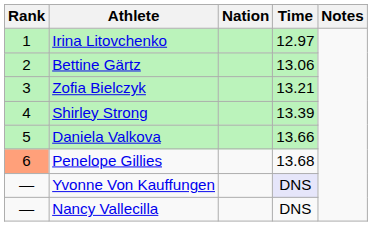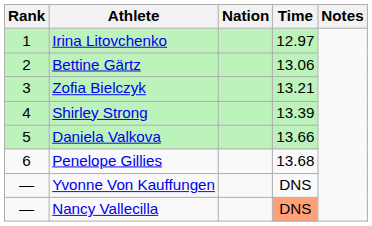 <table class="wikitable sortable" style="text-align:center">
 <tr>
 <th>Rank</th>
 <th>Athlete</th>
 <th>Nation</th>
 <th>Time</th>
 <th>Notes</th>
 </tr>
 <tr style="background:#bbf3bb;">
 <td>1</td>
 <td align=left><a href='#'>Irina Litovchenko</a></td>
 <td align=left></td>
 <td>12.97</td>
 </tr>
 <tr style="background:#bbf3bb;">
 <td>2</td>
 <td align=left><a href='#'>Bettine Gärtz</a></td>
 <td align=left></td>
 <td>13.06</td>
 </tr>
 <tr style="background:#bbf3bb;">
 <td>3</td>
 <td align=left><a href='#'>Zofia Bielczyk</a></td>
 <td align=left></td>
 <td>13.21</td>
 </tr>
 <tr style="background:#bbf3bb;">
 <td>4</td>
 <td align=left><a href='#'>Shirley Strong</a></td>
 <td align=left></td>
 <td>13.39</td>
 </tr>
 <tr style="background:#bbf3bb;">
 <td>5</td>
 <td align=left><a href='#'>Daniela Valkova</a></td>
 <td align=left></td>
 <td>13.66</td>
 </tr>
 <tr>
-<td style="background: lightsalmon;">6</td>
+<td>6</td>
 <td align=left><a href='#'>Penelope Gillies</a></td>
 <td align=left></td>
 <td>13.68</td>
 </tr>
 <tr>
 <td>—</td>
 <td align=left><a href='#'>Yvonne Von Kauffungen</a></td>
 <td align=left></td>
-<td style="background: lavender;">DNS</td>
+<td>DNS</td>
 </tr>
 <tr>
 <td>—</td>
 <td align=left><a href='#'>Nancy Vallecilla</a></td>
 <td align=left></td>
-<td>DNS</td>
+<td style="background: lightsalmon;">DNS</td>
 </tr>
 </table>
